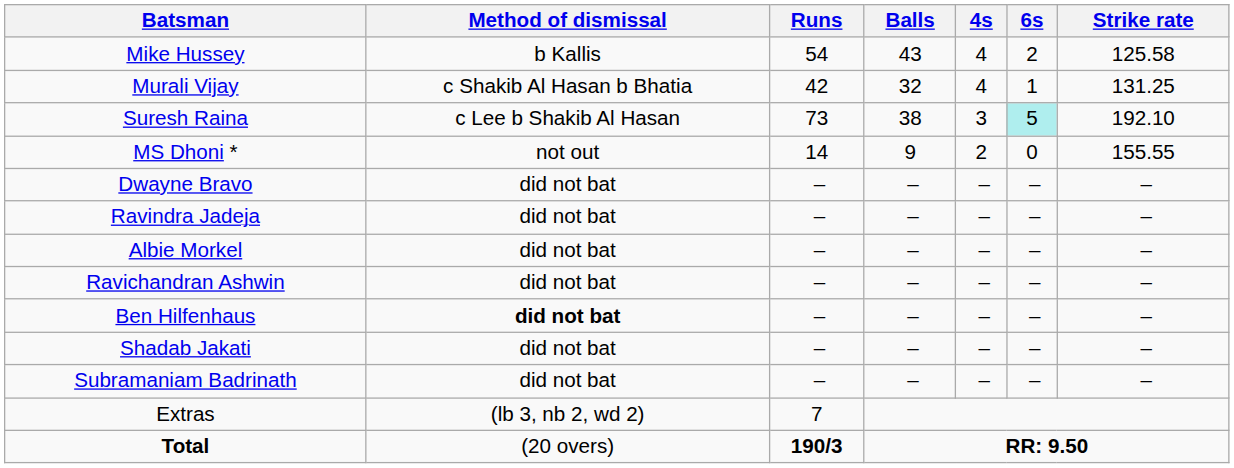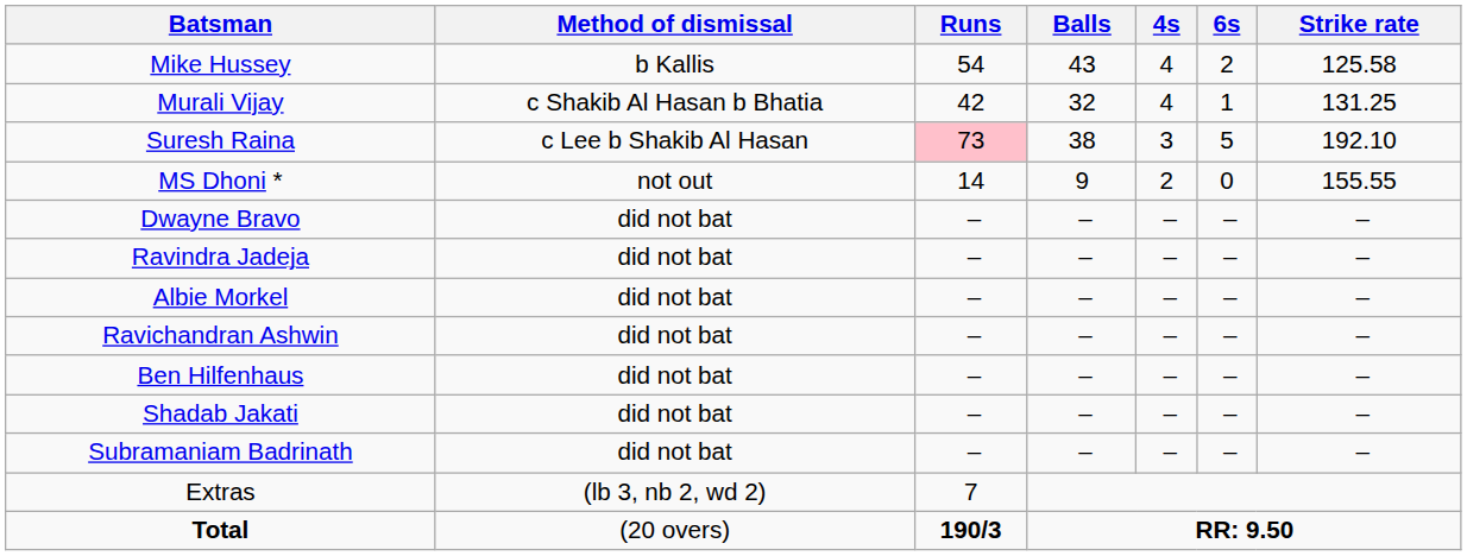 <table border="1" cellpadding="1" cellspacing="0" style="border: gray solid 1px; border-collapse: collapse; text-align: center; width: 60%;" class=wikitable>
 <tr>
 <th><a href='#'>Batsman</a></th>
 <th><a href='#'>Method of dismissal</a></th>
 <th><a href='#'>Runs</a></th>
 <th><a href='#'>Balls</a></th>
 <th><a href='#'>4s</a></th>
 <th><a href='#'>6s</a></th>
 <th><a href='#'>Strike rate</a></th>
 </tr>
 <tr>
 <td><a href='#'>Mike Hussey</a></td>
 <td>b Kallis</td>
 <td>54</td>
 <td>43</td>
 <td>4</td>
 <td>2</td>
 <td>125.58</td>
 </tr>
 <tr>
 <td><a href='#'>Murali Vijay</a></td>
 <td>c Shakib Al Hasan b Bhatia</td>
 <td>42</td>
 <td>32</td>
 <td>4</td>
 <td>1</td>
 <td>131.25</td>
 </tr>
 <tr>
 <td><a href='#'>Suresh Raina</a></td>
 <td>c Lee b Shakib Al Hasan</td>
-<td>73</td>
+<td style="background: pink;">73</td>
 <td>38</td>
 <td>3</td>
-<td style="background: paleturquoise;">5</td>
+<td>5</td>
 <td>192.10</td>
 </tr>
 <tr>
 <td><a href='#'>MS Dhoni</a> *</td>
 <td>not out</td>
 <td>14</td>
 <td>9</td>
 <td>2</td>
 <td>0</td>
 <td>155.55</td>
 </tr>
 <tr>
 <td><a href='#'>Dwayne Bravo</a></td>
 <td>did not bat</td>
 <td> –</td>
 <td> –</td>
 <td> –</td>
 <td> –</td>
 <td> –</td>
 </tr>
 <tr>
 <td><a href='#'>Ravindra Jadeja</a></td>
 <td>did not bat</td>
 <td> –</td>
 <td> –</td>
 <td> –</td>
 <td> –</td>
 <td> –</td>
 </tr>
 <tr>
 <td><a href='#'>Albie Morkel</a></td>
 <td>did not bat</td>
 <td> –</td>
 <td> –</td>
 <td> –</td>
 <td> –</td>
 <td> –</td>
 </tr>
 <tr>
 <td><a href='#'>Ravichandran Ashwin</a></td>
 <td>did not bat</td>
 <td> –</td>
 <td> –</td>
 <td> –</td>
 <td> –</td>
 <td> –</td>
 </tr>
 <tr>
 <td><a href='#'>Ben Hilfenhaus</a></td>
-<td><strong>did not bat</strong></td>
+<td>did not bat</td>
 <td> –</td>
 <td> –</td>
 <td> –</td>
 <td> –</td>
 <td> –</td>
 </tr>
 <tr>
 <td><a href='#'>Shadab Jakati</a></td>
 <td>did not bat</td>
 <td> –</td>
 <td> –</td>
 <td> –</td>
 <td> –</td>
 <td> –</td>
 </tr>
 <tr>
 <td><a href='#'>Subramaniam Badrinath</a></td>
 <td>did not bat</td>
 <td> –</td>
 <td> –</td>
 <td> –</td>
 <td> –</td>
 <td> –</td>
 </tr>
 <tr>
 <td>Extras</td>
 <td>(lb 3, nb 2, wd 2)</td>
 <td>7</td>
 <td colspan="4"></td>
 </tr>
 <tr>
 <td><strong>Total</strong></td>
 <td>(20 overs)</td>
 <td><strong>190/3</strong></td>
 <td colspan="4"><strong>RR: 9.50</strong></td>
 </tr>
 </table>
